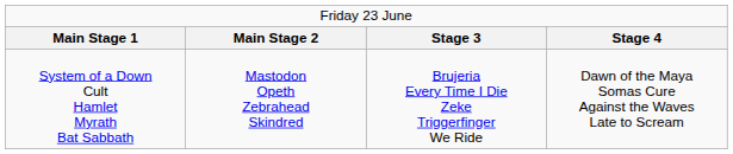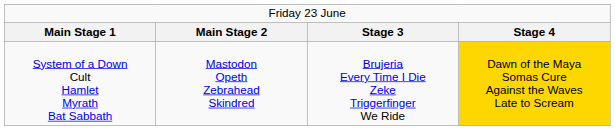 <table class="wikitable">
 <tr>
 <td colspan="4" style="text-align:center;">Friday 23 June</td>
 </tr>
 <tr>
 <th>Main Stage 1</th>
 <th>Main Stage 2</th>
 <th>Stage 3</th>
 <th>Stage 4</th>
 </tr>
 <tr>
 <td style="text-align:center; vertical-align:top; width:200px;"><br><a href='#'>System of a Down</a><br> Cult<br> <a href='#'>Hamlet</a><br> <a href='#'>Myrath</a><br> <a href='#'>Bat Sabbath</a><br></td>
 <td style="text-align:center; vertical-align:top; width:200px;"><br><a href='#'>Mastodon</a><br> <a href='#'>Opeth</a><br> <a href='#'>Zebrahead</a><br> <a href='#'>Skindred</a><br></td>
 <td style="text-align:center; vertical-align:top; width:200px;"><br><a href='#'>Brujeria</a><br> <a href='#'>Every Time I Die</a><br> <a href='#'>Zeke</a><br> <a href='#'>Triggerfinger</a><br> We Ride<br></td>
-<td style="text-align:center; vertical-align:top; width:200px;"><br>Dawn of the Maya<br> Somas Cure<br> Against the Waves<br> Late to Scream<br></td>
+<td style="background: gold; text-align:center; vertical-align:top; width:200px;"><br>Dawn of the Maya<br> Somas Cure<br> Against the Waves<br> Late to Scream<br></td>
 </tr>
 </table>
